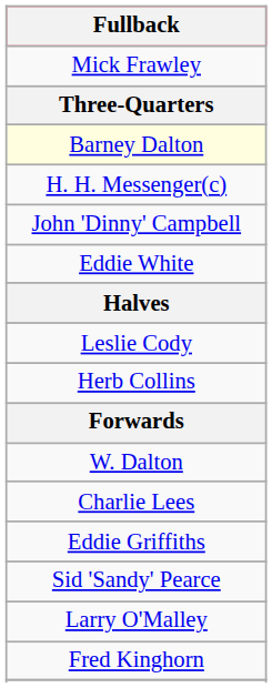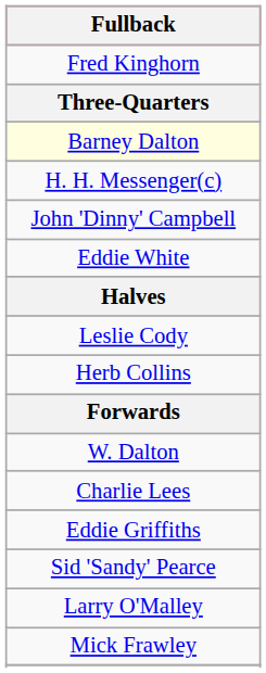 <table class="wikitable" style="float:right; font-size:75%;">
 <tr style="background:#f03;">
 <th style="width:130px;">Fullback</th>
 </tr>
 <tr align=center>
-<td><a href='#'>Mick Frawley</a></td>
+<td><a href='#'>Fred Kinghorn</a></td>
 </tr>
 <tr align=center>
 <th style="width:130px;">Three-Quarters</th>
 </tr>
 <tr align=center>
 <td style="background: lightyellow;"><a href='#'>Barney Dalton</a></td>
 </tr>
 <tr align=center>
 <td><a href='#'>H. H. Messenger(c)</a></td>
 </tr>
 <tr align=center>
 <td><a href='#'>John 'Dinny' Campbell</a></td>
 </tr>
 <tr align=center>
 <td><a href='#'>Eddie White</a></td>
 </tr>
 <tr align=center>
 <th style="width:130px;">Halves</th>
 </tr>
 <tr align=center>
 <td><a href='#'>Leslie Cody</a></td>
 </tr>
 <tr align=center>
 <td><a href='#'>Herb Collins</a></td>
 </tr>
 <tr align=center>
 <th style="width:130px;">Forwards</th>
 </tr>
 <tr align=center>
 <td><a href='#'>W. Dalton</a></td>
 </tr>
 <tr align=center>
 <td><a href='#'>Charlie Lees</a></td>
 </tr>
 <tr align=center>
 <td><a href='#'>Eddie Griffiths</a></td>
 </tr>
 <tr align=center>
 <td><a href='#'>Sid 'Sandy' Pearce</a></td>
 </tr>
 <tr align=center>
 <td><a href='#'>Larry O'Malley</a></td>
 </tr>
 <tr align=center>
-<td><a href='#'>Fred Kinghorn</a></td>
+<td><a href='#'>Mick Frawley</a></td>
 </tr>
 <tr align=center>
 </tr>
 <tr>
 </tr>
 </table>
